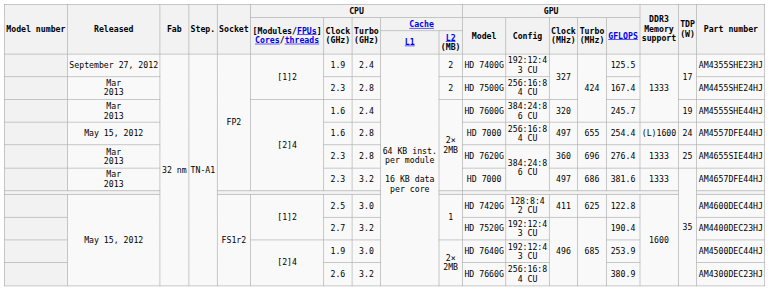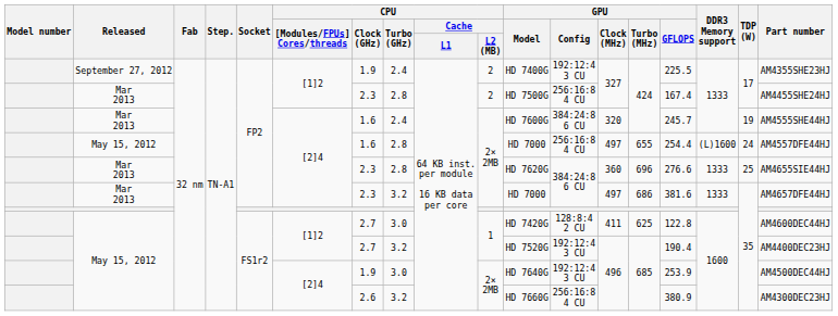 <table class="wikitable sortable sort-under" style="text-align: center">
 <tr>
 <th rowspan=3>Model number</th>
 <th rowspan=3>Released</th>
 <th rowspan=3>Fab</th>
 <th rowspan=3>Step.</th>
 <th rowspan=3>Socket</th>
 <th colspan="5">CPU</th>
 <th colspan=5>GPU</th>
 <th rowspan=3>DDR3<br>Memory<br>support</th>
 <th rowspan=3>TDP<br>(W)</th>
 <th rowspan=3>Part number</th>
 </tr>
 <tr>
 <th rowspan=2>[Modules/<a href='#'>FPUs</a>]<br><a href='#'>Cores</a>/<a href='#'>threads</a></th>
 <th rowspan=2>Clock<br>(GHz)</th>
 <th rowspan=2>Turbo<br>(GHz)</th>
 <th colspan="2"><a href='#'>Cache</a></th>
 <th rowspan=2>Model</th>
 <th rowspan=2>Config</th>
 <th rowspan=2>Clock<br>(MHz)</th>
 <th rowspan=2>Turbo<br>(MHz)</th>
 <th rowspan=2><a href='#'>GFLOPS</a></th>
 </tr>
 <tr>
 <th><a href='#'>L1</a></th>
 <th><a href='#'>L2</a><br>(MB)</th>
 </tr>
 <tr>
 <th></th>
 <td>September 27, 2012</td>
 <td rowspan=11>32 nm</td>
 <td rowspan=11>TN-A1</td>
 <td rowspan=6>FP2</td>
 <td rowspan=2>[1]2</td>
 <td>1.9</td>
 <td>2.4</td>
 <td rowspan=11>64 KB inst.<br>per module<br><br>16 KB data<br>per core</td>
 <td>2</td>
 <td>HD 7400G</td>
 <td>192:12:4<br>3 CU</td>
 <td rowspan=2>327</td>
 <td rowspan=3>424</td>
-<td>125.5</td>
+<td>225.5</td>
 <td rowspan=3>1333</td>
 <td rowspan=2>17</td>
 <td>AM4355SHE23HJ</td>
 </tr>
 <tr>
 <th></th>
 <td>Mar<br>2013</td>
 <td>2.3</td>
 <td>2.8</td>
 <td>2</td>
 <td>HD 7500G</td>
 <td>256:16:8<br> 4 CU</td>
 <td>167.4</td>
 <td>AM4455SHE24HJ</td>
 </tr>
 <tr>
 <th></th>
 <td>Mar<br>2013</td>
 <td rowspan=4>[2]4</td>
 <td>1.6</td>
 <td>2.4</td>
 <td rowspan=4>2×<br>2MB</td>
 <td>HD 7600G</td>
 <td>384:24:8<br>6 CU</td>
 <td>320</td>
 <td>245.7</td>
 <td>19</td>
 <td>AM4555SHE44HJ</td>
 </tr>
 <tr>
 <th></th>
 <td>May 15, 2012</td>
 <td>1.6</td>
 <td>2.8</td>
 <td>HD 7000</td>
 <td>256:16:8<br>4 CU</td>
 <td>497</td>
 <td>655</td>
 <td>254.4</td>
 <td>(L)1600</td>
 <td>24</td>
 <td>AM4557DFE44HJ</td>
 </tr>
 <tr>
 <th></th>
 <td>Mar<br>2013</td>
 <td>2.3</td>
 <td>2.8</td>
 <td>HD 7620G</td>
 <td rowspan=2>384:24:8<br>6 CU</td>
 <td>360</td>
 <td>696</td>
-<td>276.4</td>
+<td>276.6</td>
 <td>1333</td>
 <td>25</td>
 <td>AM4655SIE44HJ</td>
 </tr>
 <tr>
 <th></th>
 <td>Mar<br>2013</td>
 <td>2.3</td>
 <td>3.2</td>
 <td>HD 7000</td>
 <td>497</td>
 <td>686</td>
 <td>381.6</td>
 <td>1333</td>
 <td rowspan=6>35</td>
 <td>AM4657DFE44HJ</td>
 </tr>
 <tr>
 <th colspan="2"></th>
 <th colspan="4"></th>
 <th></th>
 <th colspan="6"></th>
 <th></th>
 </tr>
 <tr>
 <th></th>
 <td rowspan=4>May 15, 2012</td>
 <td rowspan=4>FS1r2</td>
 <td rowspan=2>[1]2</td>
-<td>2.5</td>
+<td>2.7</td>
 <td>3.0</td>
 <td rowspan=2>1</td>
 <td>HD 7420G</td>
 <td>128:8:4<br>2 CU</td>
 <td>411</td>
 <td>625</td>
 <td>122.8</td>
 <td rowspan=4>1600</td>
 <td>AM4600DEC44HJ</td>
 </tr>
 <tr>
 <th></th>
 <td>2.7</td>
 <td>3.2</td>
 <td>HD 7520G</td>
 <td>192:12:4<br>3 CU</td>
 <td rowspan=3>496</td>
 <td rowspan=3>685</td>
 <td>190.4</td>
 <td>AM4400DEC23HJ</td>
 </tr>
 <tr>
 <th></th>
 <td rowspan=2>[2]4</td>
 <td>1.9</td>
 <td>3.0</td>
 <td rowspan=2>2×<br>2MB</td>
 <td>HD 7640G</td>
 <td>192:12:4<br>3 CU</td>
 <td>253.9</td>
 <td>AM4500DEC44HJ</td>
 </tr>
 <tr>
 <th></th>
 <td>2.6</td>
 <td>3.2</td>
 <td>HD 7660G</td>
 <td>256:16:8<br> 4 CU</td>
 <td>380.9</td>
 <td>AM4300DEC23HJ</td>
 </tr>
 </table>
